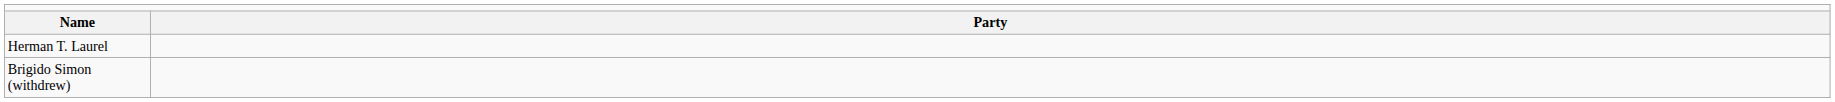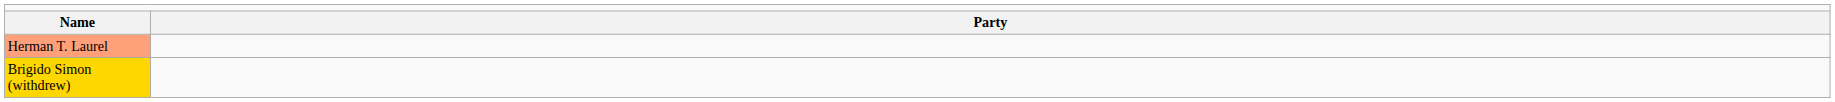 <table class=wikitable style="font-size:95%" width=99%>
 <tr>
 <td colspan=4 bgcolor=></td>
 </tr>
 <tr>
 <th width=150px>Name</th>
 <th colspan=2 width=110px>Party</th>
 </tr>
 <tr>
-<td>Herman T. Laurel</td>
+<td style="background: lightsalmon;">Herman T. Laurel</td>
 <td></td>
 </tr>
 <tr>
-<td>Brigido Simon (withdrew)</td>
+<td style="background: gold;">Brigido Simon (withdrew)</td>
 <td></td>
 </tr>
 </table>
